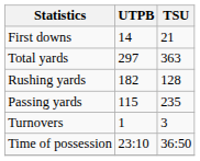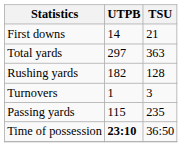 <table class="wikitable" style="float: left;">
 <tr>
 <th>Statistics</th>
 <th>UTPB</th>
 <th>TSU</th>
 </tr>
 <tr>
 <td>First downs</td>
 <td>14</td>
 <td>21</td>
 </tr>
 <tr>
 <td>Total yards</td>
 <td>297</td>
 <td>363</td>
 </tr>
 <tr>
 <td>Rushing yards</td>
 <td>182</td>
 <td>128</td>
 </tr>
 <tr>
+<td>Turnovers</td>
+<td>1</td>
+<td>3</td>
+</tr>
+<tr>
 <td>Passing yards</td>
 <td>115</td>
 <td>235</td>
 </tr>
 <tr>
-<td>Turnovers</td>
-<td>1</td>
-<td>3</td>
-</tr>
-<tr>
 <td>Time of possession</td>
-<td>23:10</td>
+<td><strong>23:10</strong></td>
 <td>36:50</td>
 </tr>
 <tr>
 </tr>
 </table>
